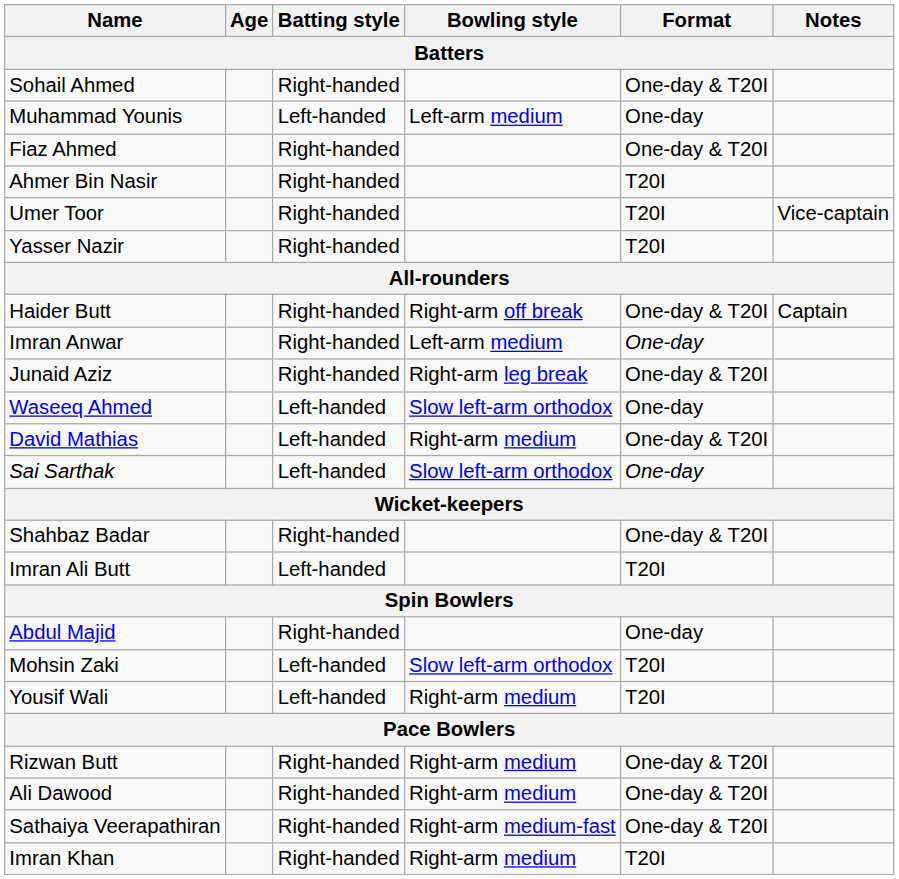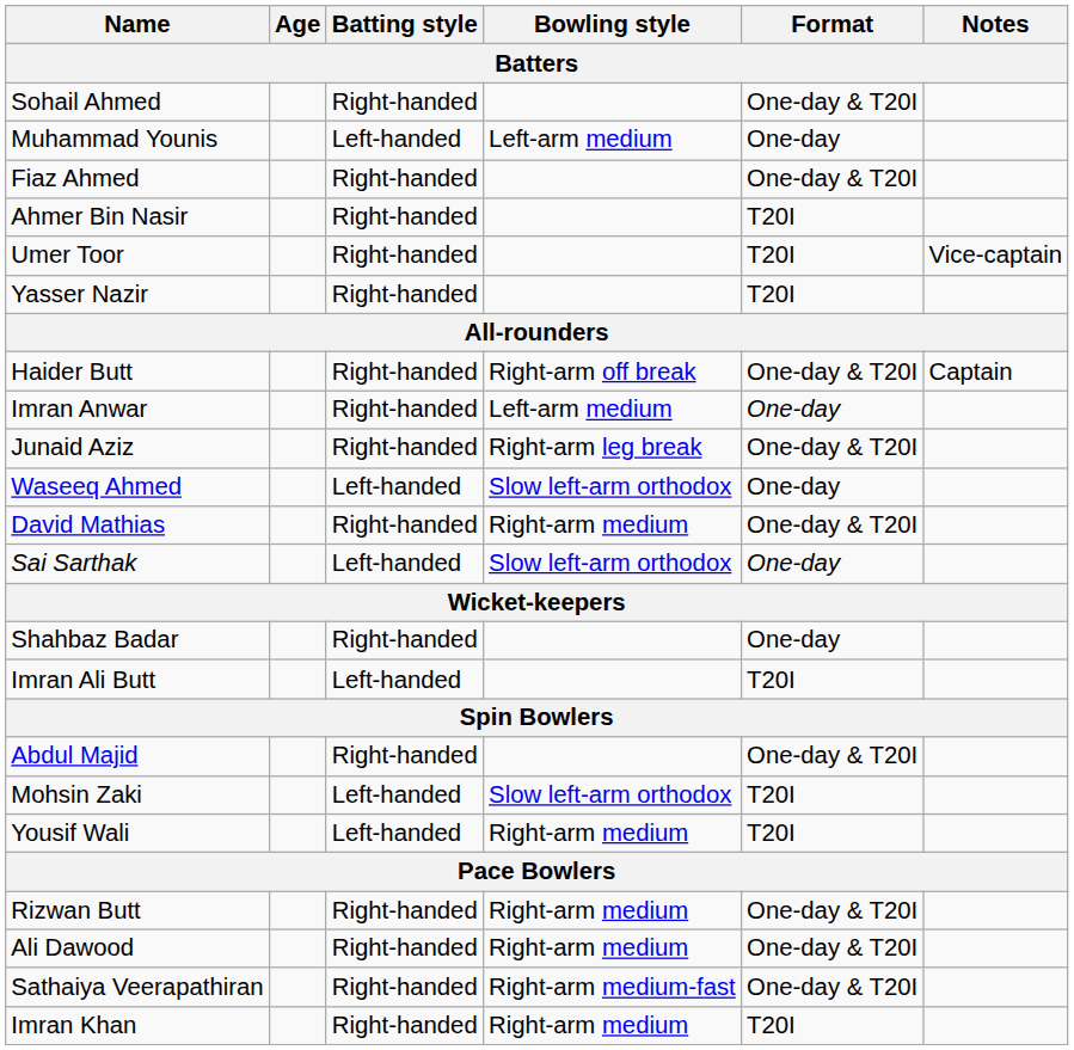 <table class="wikitable">
 <tr>
 <th style="text-align:center;">Name</th>
 <th style="text-align:center;">Age</th>
 <th style="text-align:center;">Batting style</th>
 <th style="text-align:center;">Bowling style</th>
 <th style="text-align:center;">Format</th>
 <th style="text-align:center;">Notes</th>
 </tr>
 <tr>
 <th colspan="6">Batters</th>
 </tr>
 <tr>
 <td>Sohail Ahmed</td>
 <td></td>
 <td>Right-handed</td>
 <td></td>
 <td>One-day & T20I</td>
 <td></td>
 </tr>
 <tr>
 <td>Muhammad Younis</td>
 <td></td>
 <td>Left-handed</td>
 <td>Left-arm <a href='#'>medium</a></td>
 <td>One-day</td>
 <td></td>
 </tr>
 <tr>
 <td>Fiaz Ahmed</td>
 <td></td>
 <td>Right-handed</td>
 <td></td>
 <td>One-day & T20I</td>
 <td></td>
 </tr>
 <tr>
 <td>Ahmer Bin Nasir</td>
 <td></td>
 <td>Right-handed</td>
 <td></td>
 <td>T20I</td>
 <td></td>
 </tr>
 <tr>
 <td>Umer Toor</td>
 <td></td>
 <td>Right-handed</td>
 <td></td>
 <td>T20I</td>
 <td>Vice-captain</td>
 </tr>
 <tr>
 <td>Yasser Nazir</td>
 <td></td>
 <td>Right-handed</td>
 <td></td>
 <td>T20I</td>
 <td></td>
 </tr>
 <tr>
 <th colspan="6">All-rounders</th>
 </tr>
 <tr>
 <td>Haider Butt</td>
 <td></td>
 <td>Right-handed</td>
 <td>Right-arm <a href='#'>off break</a></td>
 <td>One-day & T20I</td>
 <td>Captain</td>
 </tr>
 <tr>
 <td>Imran Anwar</td>
 <td></td>
 <td>Right-handed</td>
 <td>Left-arm <a href='#'>medium</a></td>
 <td><em>One-day</em></td>
 <td></td>
 </tr>
 <tr>
 <td>Junaid Aziz</td>
 <td></td>
 <td>Right-handed</td>
 <td>Right-arm <a href='#'>leg break</a></td>
 <td>One-day & T20I</td>
 <td></td>
 </tr>
 <tr>
 <td><a href='#'>Waseeq Ahmed</a></td>
 <td></td>
 <td>Left-handed</td>
 <td><a href='#'>Slow left-arm orthodox</a></td>
 <td>One-day</td>
 <td></td>
 </tr>
 <tr>
 <td><a href='#'>David Mathias</a></td>
 <td></td>
-<td>Left-handed</td>
+<td>Right-handed</td>
 <td>Right-arm <a href='#'>medium</a></td>
 <td>One-day & T20I</td>
 <td></td>
 </tr>
 <tr>
 <td><em>Sai Sarthak</em></td>
 <td></td>
 <td>Left-handed</td>
 <td><a href='#'>Slow left-arm orthodox</a></td>
 <td><em>One-day</em></td>
 <td></td>
 </tr>
 <tr>
 <th colspan="6">Wicket-keepers</th>
 </tr>
 <tr>
 <td>Shahbaz Badar</td>
 <td></td>
 <td>Right-handed</td>
 <td></td>
-<td>One-day & T20I</td>
+<td>One-day</td>
 <td></td>
 </tr>
 <tr>
 <td>Imran Ali Butt</td>
 <td></td>
 <td>Left-handed</td>
 <td></td>
 <td>T20I</td>
 <td></td>
 </tr>
 <tr>
 <th colspan="6">Spin Bowlers</th>
 </tr>
 <tr>
 <td><a href='#'>Abdul Majid</a></td>
 <td></td>
 <td>Right-handed</td>
 <td></td>
-<td>One-day</td>
+<td>One-day & T20I</td>
 <td></td>
 </tr>
 <tr>
 <td>Mohsin Zaki</td>
 <td></td>
 <td>Left-handed</td>
 <td><a href='#'>Slow left-arm orthodox</a></td>
 <td>T20I</td>
 <td></td>
 </tr>
 <tr>
 <td>Yousif Wali</td>
 <td></td>
 <td>Left-handed</td>
 <td>Right-arm <a href='#'>medium</a></td>
 <td>T20I</td>
 <td></td>
 </tr>
 <tr>
 <th colspan="6">Pace Bowlers</th>
 </tr>
 <tr>
 <td>Rizwan Butt</td>
 <td></td>
 <td>Right-handed</td>
 <td>Right-arm <a href='#'>medium</a></td>
 <td>One-day & T20I</td>
 <td></td>
 </tr>
 <tr>
 <td>Ali Dawood</td>
 <td></td>
 <td>Right-handed</td>
 <td>Right-arm <a href='#'>medium</a></td>
 <td>One-day & T20I</td>
 <td></td>
 </tr>
 <tr>
 <td>Sathaiya Veerapathiran</td>
 <td></td>
 <td>Right-handed</td>
 <td>Right-arm <a href='#'>medium-fast</a></td>
 <td>One-day & T20I</td>
 <td></td>
 </tr>
 <tr>
 <td>Imran Khan</td>
 <td></td>
 <td>Right-handed</td>
 <td>Right-arm <a href='#'>medium</a></td>
 <td>T20I</td>
 <td></td>
 </tr>
 </table>
